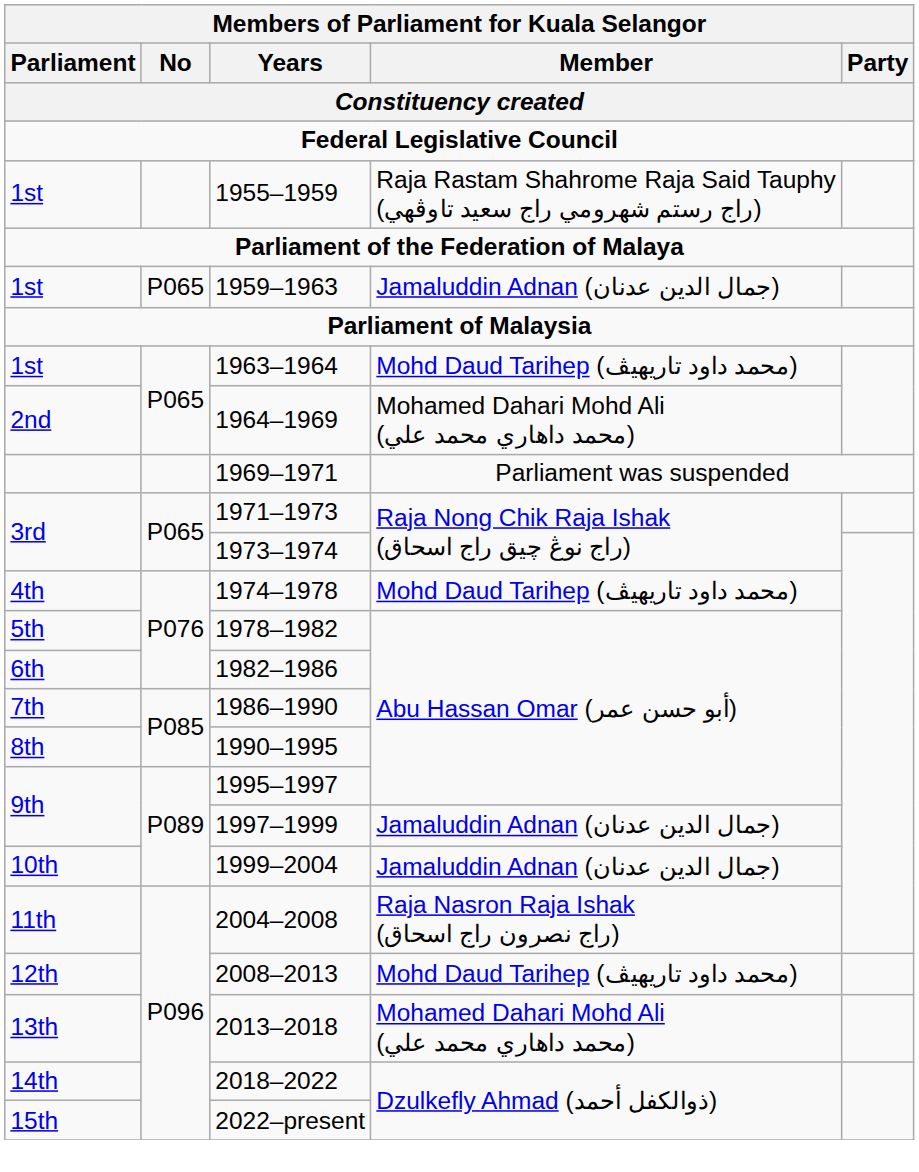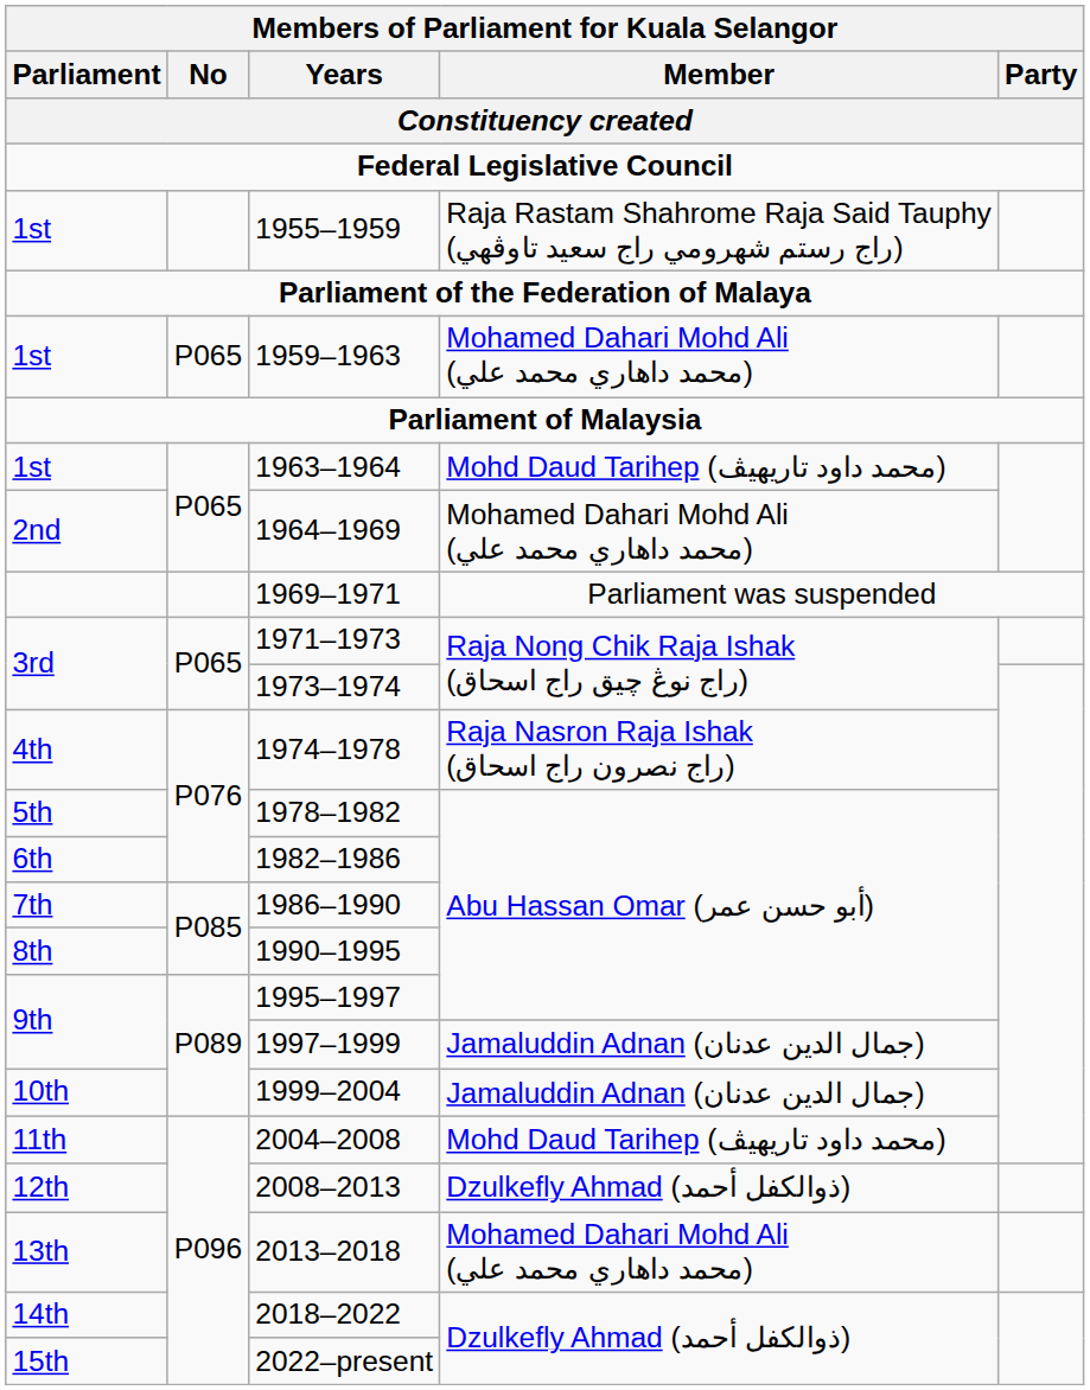 <table class=wikitable>
 <tr>
 <th colspan="5">Members of Parliament for Kuala Selangor</th>
 </tr>
 <tr>
 <th>Parliament</th>
 <th>No</th>
 <th>Years</th>
 <th>Member</th>
 <th>Party</th>
 </tr>
 <tr>
 <th colspan="5" align="center"><em>Constituency created</em></th>
 </tr>
 <tr>
 <td colspan="5" align="center"><strong>Federal Legislative Council</strong></td>
 </tr>
 <tr>
 <td><a href='#'>1st</a></td>
 <td></td>
 <td>1955–1959</td>
 <td>Raja Rastam Shahrome Raja Said Tauphy <br> (راج رستم شهرومي راج سعيد تاوڤهي)</td>
 <td></td>
 </tr>
 <tr>
 <td colspan="5" align="center"><strong>Parliament of the Federation of Malaya</strong></td>
 </tr>
 <tr>
 <td><a href='#'>1st</a></td>
 <td>P065</td>
 <td>1959–1963</td>
-<td><a href='#'>Jamaluddin Adnan</a> (جمال الدين عدنان)</td>
+<td><a href='#'>Mohamed Dahari Mohd Ali</a>  <br>(محمد داهاري محمد علي)</td>
 <td></td>
 </tr>
 <tr>
 <td colspan="5" align="center"><strong>Parliament of Malaysia</strong></td>
 </tr>
 <tr>
 <td><a href='#'>1st</a></td>
 <td rowspan="2">P065</td>
 <td>1963–1964</td>
 <td><a href='#'>Mohd Daud Tarihep</a> (محمد داود تاريهيڤ)</td>
 <td rowspan=2></td>
 </tr>
 <tr>
 <td><a href='#'>2nd</a></td>
 <td>1964–1969</td>
 <td>Mohamed Dahari Mohd Ali  <br>(محمد داهاري محمد علي)</td>
 </tr>
 <tr>
 <td></td>
 <td></td>
 <td>1969–1971</td>
 <td colspan=2 align=center>Parliament was suspended</td>
 </tr>
 <tr>
 <td rowspan=2><a href='#'>3rd</a></td>
 <td rowspan="2">P065</td>
 <td>1971–1973</td>
 <td rowspan=2><a href='#'>Raja Nong Chik Raja Ishak</a> <br> (راج نوڠ چيق راج اسحاق)</td>
 <td></td>
 </tr>
 <tr>
 <td>1973–1974</td>
 <td rowspan=10></td>
 </tr>
 <tr>
 <td><a href='#'>4th</a></td>
 <td rowspan="3">P076</td>
 <td>1974–1978</td>
-<td><a href='#'>Mohd Daud Tarihep</a> (محمد داود تاريهيڤ)</td>
+<td><a href='#'>Raja Nasron Raja Ishak</a>  <br>(راج نصرون راج اسحاق)</td>
 </tr>
 <tr>
 <td><a href='#'>5th</a></td>
 <td>1978–1982</td>
 <td rowspan=5><a href='#'>Abu Hassan Omar</a>  (أبو حسن عمر)</td>
 </tr>
 <tr>
 <td><a href='#'>6th</a></td>
 <td>1982–1986</td>
 </tr>
 <tr>
 <td><a href='#'>7th</a></td>
 <td rowspan="2">P085</td>
 <td>1986–1990</td>
 </tr>
 <tr>
 <td><a href='#'>8th</a></td>
 <td>1990–1995</td>
 </tr>
 <tr>
 <td rowspan=2><a href='#'>9th</a></td>
 <td rowspan="3">P089</td>
 <td>1995–1997</td>
 </tr>
 <tr>
 <td>1997–1999</td>
 <td><a href='#'>Jamaluddin Adnan</a> (جمال الدين عدنان)</td>
 </tr>
 <tr>
 <td><a href='#'>10th</a></td>
 <td>1999–2004</td>
 <td><a href='#'>Jamaluddin Adnan</a> (جمال الدين عدنان)</td>
 </tr>
 <tr>
 <td><a href='#'>11th</a></td>
 <td rowspan="5">P096</td>
 <td>2004–2008</td>
-<td><a href='#'>Raja Nasron Raja Ishak</a>  <br>(راج نصرون راج اسحاق)</td>
+<td><a href='#'>Mohd Daud Tarihep</a> (محمد داود تاريهيڤ)</td>
 </tr>
 <tr>
 <td><a href='#'>12th</a></td>
 <td>2008–2013</td>
-<td><a href='#'>Mohd Daud Tarihep</a> (محمد داود تاريهيڤ)</td>
+<td><a href='#'>Dzulkefly Ahmad</a> (ذوالكفل أحمد)</td>
 <td></td>
 </tr>
 <tr>
 <td><a href='#'>13th</a></td>
 <td>2013–2018</td>
 <td><a href='#'>Mohamed Dahari Mohd Ali</a>  <br>(محمد داهاري محمد علي)</td>
 <td></td>
 </tr>
 <tr>
 <td><a href='#'>14th</a></td>
 <td>2018–2022</td>
 <td rowspan=2><a href='#'>Dzulkefly Ahmad</a>  (ذوالكفل أحمد)</td>
 <td rowspan=2></td>
 </tr>
 <tr>
 <td><a href='#'>15th</a></td>
 <td>2022–present</td>
 </tr>
 </table>
